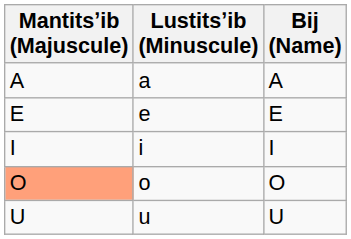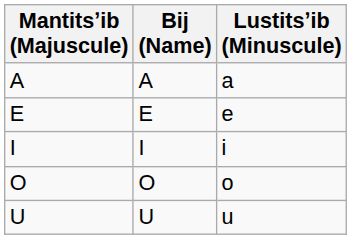 <table class="wikitable">
 <tr>
 <th><strong>Mantitsʼib</strong><br><strong>(Majuscule)</strong></th>
+<th><strong>Bij</strong><br>(Name)</th>
 <th><strong>Lustitsʼib</strong><br><strong>(</strong>Minuscule)</th>
-<th><strong>Bij</strong><br>(Name)</th>
 </tr>
 <tr>
 <td>A</td>
+<td>A</td>
 <td>a</td>
-<td>A</td>
 </tr>
 <tr>
 <td>E</td>
+<td>E</td>
 <td>e</td>
-<td>E</td>
 </tr>
 <tr>
 <td>I</td>
+<td>I</td>
 <td>i</td>
-<td>I</td>
 </tr>
 <tr>
-<td style="background: lightsalmon;">O</td>
+<td>O</td>
+<td>O</td>
 <td>o</td>
-<td>O</td>
 </tr>
 <tr>
 <td>U</td>
+<td>U</td>
 <td>u</td>
-<td>U</td>
 </tr>
 </table>
